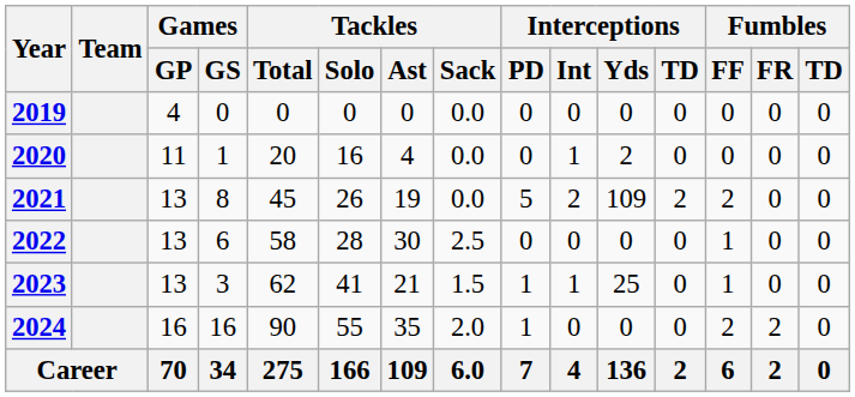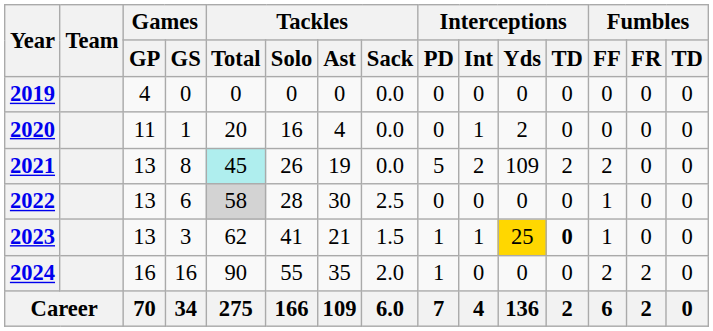 <table class="wikitable" style="text-align:center;">
 <tr>
 <th rowspan="2">Year</th>
 <th rowspan="2">Team</th>
 <th colspan="2">Games</th>
 <th colspan="4">Tackles</th>
 <th colspan="4">Interceptions</th>
 <th colspan="3">Fumbles</th>
 </tr>
 <tr>
 <th>GP</th>
 <th>GS</th>
 <th>Total</th>
 <th>Solo</th>
 <th>Ast</th>
 <th>Sack</th>
 <th>PD</th>
 <th>Int</th>
 <th>Yds</th>
 <th>TD</th>
 <th>FF</th>
 <th>FR</th>
 <th>TD</th>
 </tr>
 <tr>
 <th><a href='#'>2019</a></th>
 <th><a href='#'></a></th>
 <td>4</td>
 <td>0</td>
 <td>0</td>
 <td>0</td>
 <td>0</td>
 <td>0.0</td>
 <td>0</td>
 <td>0</td>
 <td>0</td>
 <td>0</td>
 <td>0</td>
 <td>0</td>
 <td>0</td>
 </tr>
 <tr>
 <th><a href='#'>2020</a></th>
 <th><a href='#'></a></th>
 <td>11</td>
 <td>1</td>
 <td>20</td>
 <td>16</td>
 <td>4</td>
 <td>0.0</td>
 <td>0</td>
 <td>1</td>
 <td>2</td>
 <td>0</td>
 <td>0</td>
 <td>0</td>
 <td>0</td>
 </tr>
 <tr>
 <th><a href='#'>2021</a></th>
 <th><a href='#'></a></th>
 <td>13</td>
 <td>8</td>
-<td>45</td>
+<td style="background: paleturquoise;">45</td>
 <td>26</td>
 <td>19</td>
 <td>0.0</td>
 <td>5</td>
 <td>2</td>
 <td>109</td>
 <td>2</td>
 <td>2</td>
 <td>0</td>
 <td>0</td>
 </tr>
 <tr>
 <th><a href='#'>2022</a></th>
 <th><a href='#'></a></th>
 <td>13</td>
 <td>6</td>
-<td>58</td>
+<td style="background: lightgrey;">58</td>
 <td>28</td>
 <td>30</td>
 <td>2.5</td>
 <td>0</td>
 <td>0</td>
 <td>0</td>
 <td>0</td>
 <td>1</td>
 <td>0</td>
 <td>0</td>
 </tr>
 <tr>
 <th><a href='#'>2023</a></th>
 <th><a href='#'></a></th>
 <td>13</td>
 <td>3</td>
 <td>62</td>
 <td>41</td>
 <td>21</td>
 <td>1.5</td>
 <td>1</td>
 <td>1</td>
-<td>25</td>
-<td>0</td>
+<td style="background: gold;">25</td>
+<td><strong>0</strong></td>
 <td>1</td>
 <td>0</td>
 <td>0</td>
 </tr>
 <tr>
 <th><a href='#'>2024</a></th>
 <th><a href='#'></a></th>
 <td>16</td>
 <td>16</td>
 <td>90</td>
 <td>55</td>
 <td>35</td>
 <td>2.0</td>
 <td>1</td>
 <td>0</td>
 <td>0</td>
 <td>0</td>
 <td>2</td>
 <td>2</td>
 <td>0</td>
 </tr>
 <tr>
 <th align=center colspan="2">Career</th>
 <th>70</th>
 <th>34</th>
 <th>275</th>
 <th>166</th>
 <th>109</th>
 <th>6.0</th>
 <th>7</th>
 <th>4</th>
 <th>136</th>
 <th>2</th>
 <th>6</th>
 <th>2</th>
 <th>0</th>
 </tr>
 </table>
